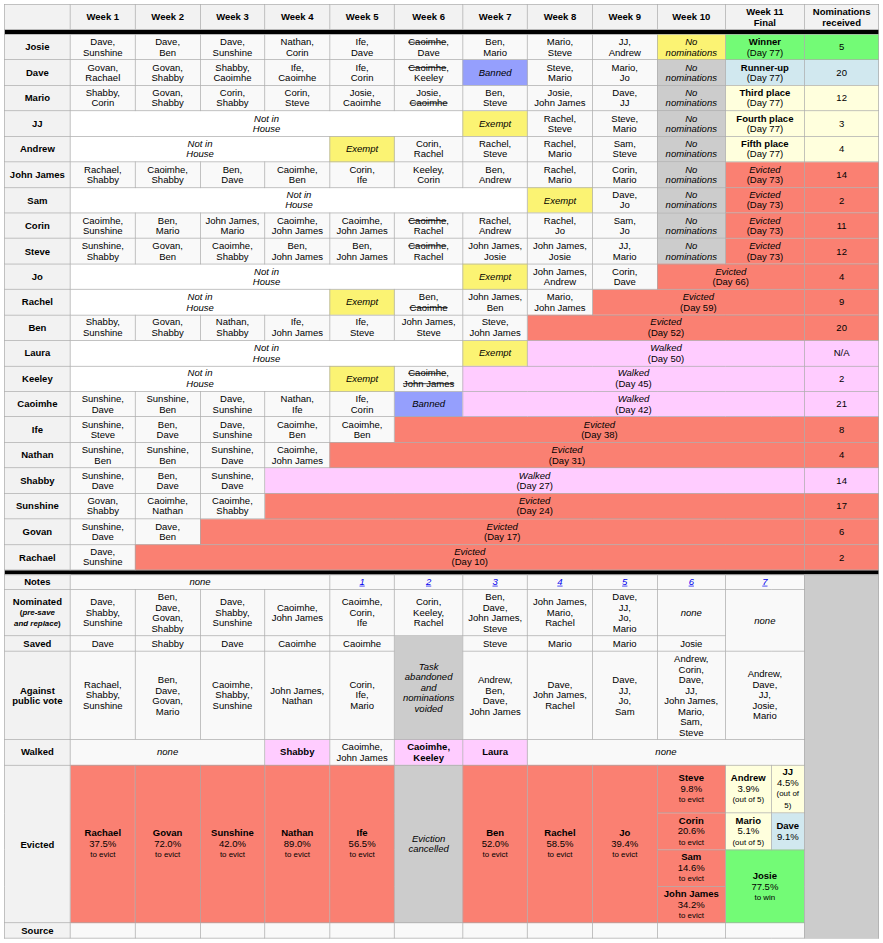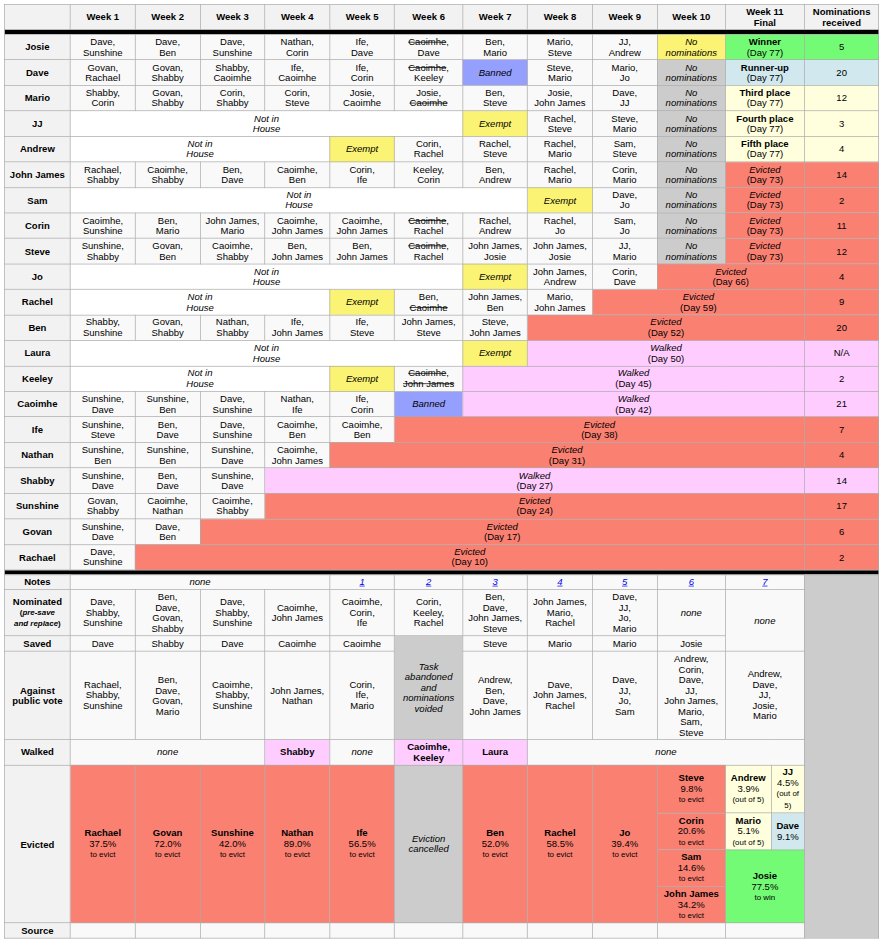 <table class="wikitable nowrap" style="text-align:center; font-size:85%; line-height:15px;">
 <tr>
 <th style="width:6%"></th>
 <th style="width:6%">Week 1</th>
 <th style="width:6%">Week 2</th>
 <th style="width:6%">Week 3</th>
 <th style="width:6%">Week 4</th>
 <th style="width:6%">Week 5</th>
 <th style="width:6%">Week 6</th>
 <th style="width:6%">Week 7</th>
 <th style="width:6%">Week 8</th>
 <th style="width:6%">Week 9</th>
 <th style="width:6%">Week 10</th>
 <th style="width:6%" colspan="2">Week 11<br>Final</th>
 <th style="width:6%">Nominations<br>received</th>
 </tr>
 <tr>
 <th style="background:#000" colspan="14"></th>
 </tr>
 <tr>
 <th>Josie</th>
 <td>Dave,<br>Sunshine</td>
 <td>Dave,<br>Ben</td>
 <td>Dave,<br>Sunshine</td>
 <td>Nathan,<br>Corin</td>
 <td>Ife,<br>Dave</td>
 <td><s>Caoimhe</s>,<br>Dave</td>
 <td>Ben,<br>Mario</td>
 <td>Mario,<br>Steve</td>
 <td>JJ,<br>Andrew</td>
 <td style="background:#FBF373"><em>No<br>nominations</em></td>
 <td style="background:#73FB76" colspan="2"><strong>Winner</strong><br>(Day 77)</td>
 <td style="background:#73FB76">5</td>
 </tr>
 <tr>
 <th>Dave</th>
 <td>Govan,<br>Rachael</td>
 <td>Govan,<br>Shabby</td>
 <td>Shabby,<br>Caoimhe</td>
 <td>Ife,<br>Caoimhe</td>
 <td>Ife,<br>Corin</td>
 <td><s>Caoimhe</s>,<br>Keeley</td>
 <td style="background:#959FFD"><em>Banned</em></td>
 <td>Steve,<br>Mario</td>
 <td>Mario,<br>Jo</td>
 <td style="background:#ccc"><em>No<br>nominations</em></td>
 <td style="background:#D1E8EF" colspan="2"><strong>Runner-up</strong><br>(Day 77)</td>
 <td style="background:#D1E8EF">20</td>
 </tr>
 <tr>
 <th>Mario</th>
 <td>Shabby,<br>Corin</td>
 <td>Govan,<br>Shabby</td>
 <td>Corin,<br>Shabby</td>
 <td>Corin,<br>Steve</td>
 <td>Josie,<br>Caoimhe</td>
 <td>Josie,<br><s>Caoimhe</s></td>
 <td>Ben,<br>Steve</td>
 <td>Josie,<br>John James</td>
 <td>Dave,<br>JJ</td>
 <td style="background:#ccc"><em>No<br>nominations</em></td>
 <td style="background:#ffffdd" colspan="2"><strong>Third place</strong><br>(Day 77)</td>
 <td style="background:#ffffdd">12</td>
 </tr>
 <tr>
 <th>JJ</th>
 <td style="background:#fff" colspan="6"><em>Not in<br>House</em></td>
 <td style="background:#FBF373"><em>Exempt</em></td>
 <td>Rachel,<br>Steve</td>
 <td>Steve,<br>Mario</td>
 <td style="background:#ccc"><em>No<br>nominations</em></td>
 <td style="background:#ffffdd" colspan="2"><strong>Fourth place</strong><br>(Day 77)</td>
 <td style="background:#ffffdd">3</td>
 </tr>
 <tr>
 <th>Andrew</th>
 <td style="background:#fff" colspan="4"><em>Not in<br>House</em></td>
 <td style="background:#FBF373"><em>Exempt</em></td>
 <td>Corin,<br>Rachel</td>
 <td>Rachel,<br>Steve</td>
 <td>Rachel,<br>Mario</td>
 <td>Sam,<br>Steve</td>
 <td style="background:#ccc"><em>No<br>nominations</em></td>
 <td style="background:#ffffdd" colspan="2"><strong>Fifth place</strong><br>(Day 77)</td>
 <td style="background:#ffffdd">4</td>
 </tr>
 <tr>
 <th>John James</th>
 <td>Rachael,<br>Shabby</td>
 <td>Caoimhe,<br>Shabby</td>
 <td>Ben,<br>Dave</td>
 <td>Caoimhe,<br>Ben</td>
 <td>Corin,<br>Ife</td>
 <td>Keeley,<br>Corin</td>
 <td>Ben,<br>Andrew</td>
 <td>Rachel,<br>Mario</td>
 <td>Corin,<br>Mario</td>
 <td style="background:#ccc"><em>No<br>nominations</em></td>
 <td style="background:#FA8072" colspan="2"><em>Evicted</em><br>(Day 73)</td>
 <td style="background:#FA8072">14</td>
 </tr>
 <tr>
 <th>Sam</th>
 <td style="background:#fff" colspan="7"><em>Not in<br>House</em></td>
 <td style="background:#FBF373"><em>Exempt</em></td>
 <td>Dave,<br>Jo</td>
 <td style="background:#ccc"><em>No<br>nominations</em></td>
 <td style="background:#FA8072" colspan="2"><em>Evicted</em><br>(Day 73)</td>
 <td style="background:#FA8072">2</td>
 </tr>
 <tr>
 <th>Corin</th>
 <td>Caoimhe,<br>Sunshine</td>
 <td>Ben,<br>Mario</td>
 <td>John James,<br>Mario</td>
 <td>Caoimhe,<br>John James</td>
 <td>Caoimhe,<br>John James</td>
 <td><s>Caoimhe</s>,<br>Rachel</td>
 <td>Rachel,<br>Andrew</td>
 <td>Rachel,<br>Jo</td>
 <td>Sam,<br>Jo</td>
 <td style="background:#ccc"><em>No<br>nominations</em></td>
 <td style="background:#FA8072" colspan="2"><em>Evicted</em><br>(Day 73)</td>
 <td style="background:#FA8072">11</td>
 </tr>
 <tr>
 <th>Steve</th>
 <td>Sunshine,<br>Shabby</td>
 <td>Govan,<br>Ben</td>
 <td>Caoimhe,<br>Shabby</td>
 <td>Ben,<br>John James</td>
 <td>Ben,<br>John James</td>
 <td><s>Caoimhe</s>,<br>Rachel</td>
 <td>John James,<br>Josie</td>
 <td>John James,<br>Josie</td>
 <td>JJ,<br>Mario</td>
 <td style="background:#ccc"><em>No<br>nominations</em></td>
 <td style="background:#FA8072"  colspan="2"><em>Evicted</em><br>(Day 73)</td>
 <td style="background:#FA8072">12</td>
 </tr>
 <tr>
 <th>Jo</th>
 <td style="background:#fff" colspan="6"><em>Not in<br>House</em></td>
 <td style="background:#FBF373"><em>Exempt</em></td>
 <td>John James,<br>Andrew</td>
 <td>Corin,<br>Dave</td>
 <td style="background:#FA8072" colspan="3"><em>Evicted</em><br>(Day 66)</td>
 <td style="background:#FA8072">4</td>
 </tr>
 <tr>
 <th>Rachel</th>
 <td style="background:#fff" colspan="4"><em>Not in<br>House</em></td>
 <td style="background:#FBF373"><em>Exempt</em></td>
 <td>Ben,<br><s>Caoimhe</s></td>
 <td>John James,<br>Ben</td>
 <td>Mario,<br>John James</td>
 <td style="background:#FA8072" colspan="4"><em>Evicted</em><br>(Day 59)</td>
 <td style="background:#FA8072">9</td>
 </tr>
 <tr>
 <th>Ben</th>
 <td>Shabby,<br>Sunshine</td>
 <td>Govan,<br>Shabby</td>
 <td>Nathan,<br>Shabby</td>
 <td>Ife,<br>John James</td>
 <td>Ife,<br>Steve</td>
 <td>John James,<br>Steve</td>
 <td>Steve,<br>John James</td>
 <td style="background:#FA8072" colspan="5"><em>Evicted</em><br>(Day 52)</td>
 <td style="background:#FA8072">20</td>
 </tr>
 <tr>
 <th>Laura</th>
 <td style="background:#fff" colspan="6"><em>Not in<br>House</em></td>
 <td style="background:#FBF373"><em>Exempt</em></td>
 <td style="background:#fcf" colspan="5"><em>Walked</em><br>(Day 50)</td>
 <td style="background:#fcf">N/A</td>
 </tr>
 <tr>
 <th>Keeley</th>
 <td style="background:#fff" colspan="4"><em>Not in<br>House</em></td>
 <td style="background:#FBF373"><em>Exempt</em></td>
 <td><s>Caoimhe</s>,<br><s>John James</s></td>
 <td style="background:#fcf" colspan="6"><em>Walked</em><br>(Day 45)</td>
 <td style="background:#fcf">2</td>
 </tr>
 <tr>
 <th>Caoimhe</th>
 <td>Sunshine,<br>Dave</td>
 <td>Sunshine,<br>Ben</td>
 <td>Dave,<br>Sunshine</td>
 <td>Nathan,<br>Ife</td>
 <td>Ife,<br>Corin</td>
 <td style="background:#959FFD"><em>Banned</em></td>
 <td style="background:#fcf" colspan="6"><em>Walked</em><br>(Day 42)</td>
 <td style="background:#fcf">21</td>
 </tr>
 <tr>
 <th>Ife</th>
 <td>Sunshine,<br>Steve</td>
 <td>Ben,<br>Dave</td>
 <td>Dave,<br>Sunshine</td>
 <td>Caoimhe,<br>Ben</td>
 <td>Caoimhe,<br>Ben</td>
 <td style="background:#FA8072" colspan="7"><em>Evicted</em><br>(Day 38)</td>
-<td style="background:#FA8072">8</td>
+<td style="background:#FA8072">7</td>
 </tr>
 <tr>
 <th>Nathan</th>
 <td>Sunshine,<br>Ben</td>
 <td>Sunshine,<br>Ben</td>
 <td>Sunshine,<br>Dave</td>
 <td>Caoimhe,<br>John James</td>
 <td style="background:#FA8072" colspan="8"><em>Evicted</em><br>(Day 31)</td>
 <td style="background:#FA8072">4</td>
 </tr>
 <tr>
 <th>Shabby</th>
 <td>Sunshine,<br>Dave</td>
 <td>Ben,<br>Dave</td>
 <td>Sunshine,<br>Dave</td>
 <td style="background:#fcf" colspan="9"><em>Walked</em><br>(Day 27)</td>
 <td style="background:#fcf">14</td>
 </tr>
 <tr>
 <th>Sunshine</th>
 <td>Govan,<br>Shabby</td>
 <td>Caoimhe,<br>Nathan</td>
 <td>Caoimhe,<br>Shabby</td>
 <td style="background:#FA8072" colspan="9"><em>Evicted</em><br>(Day 24)</td>
 <td style="background:#FA8072">17</td>
 </tr>
 <tr>
 <th>Govan</th>
 <td>Sunshine,<br>Dave</td>
 <td>Dave,<br>Ben</td>
 <td style="background:#FA8072" colspan="10"><em>Evicted</em><br>(Day 17)</td>
 <td style="background:#FA8072">6</td>
 </tr>
 <tr>
 <th>Rachael</th>
 <td>Dave,<br>Sunshine</td>
 <td style="background:#FA8072" colspan="11"><em>Evicted</em><br>(Day 10)</td>
 <td style="background:#FA8072">2</td>
 </tr>
 <tr>
 <th style="background:#000" colspan="14"></th>
 </tr>
 <tr>
 <th>Notes</th>
 <td colspan="4"><em>none</em></td>
 <td><em><a href='#'>1</a></em></td>
 <td><em><a href='#'>2</a></em></td>
 <td><em><a href='#'>3</a></em></td>
 <td><em><a href='#'>4</a></em></td>
 <td><em><a href='#'>5</a></em></td>
 <td><em><a href='#'>6</a></em></td>
 <td colspan="2"><em><a href='#'>7</a></em></td>
 <td style="background:#ccc" rowspan="10"></td>
 </tr>
 <tr>
 <th>Nominated<br><small>(<em>pre-save<br>and replace</em>)</small></th>
 <td>Dave,<br>Shabby,<br>Sunshine</td>
 <td>Ben,<br>Dave,<br>Govan,<br>Shabby</td>
 <td>Dave,<br>Shabby,<br>Sunshine</td>
 <td>Caoimhe,<br>John James</td>
 <td>Caoimhe,<br>Corin,<br>Ife</td>
 <td>Corin,<br>Keeley,<br>Rachel</td>
 <td>Ben,<br>Dave,<br>John James,<br>Steve</td>
 <td>John James,<br>Mario,<br>Rachel</td>
 <td>Dave,<br>JJ,<br>Jo,<br>Mario</td>
 <td><em>none</em></td>
 <td rowspan="2" colspan="2"><em>none</em></td>
 </tr>
 <tr>
 <th>Saved</th>
 <td>Dave</td>
 <td>Shabby</td>
 <td>Dave</td>
 <td>Caoimhe</td>
 <td>Caoimhe</td>
 <td style="background:#ccc" rowspan="2"><em>Task<br>abandoned<br>and<br>nominations<br>voided</em></td>
 <td>Steve</td>
 <td>Mario</td>
 <td>Mario</td>
 <td>Josie</td>
 </tr>
 <tr>
 <th>Against<br>public vote</th>
 <td>Rachael,<br>Shabby,<br>Sunshine</td>
 <td>Ben,<br>Dave,<br>Govan,<br>Mario</td>
 <td>Caoimhe,<br>Shabby,<br>Sunshine</td>
 <td>John James,<br>Nathan</td>
 <td>Corin,<br>Ife,<br>Mario</td>
 <td>Andrew,<br>Ben,<br>Dave,<br>John James</td>
 <td>Dave,<br>John James,<br>Rachel</td>
 <td>Dave,<br>JJ,<br>Jo,<br>Sam</td>
 <td>Andrew,<br>Corin,<br>Dave,<br>JJ,<br>John James,<br>Mario,<br>Sam,<br>Steve</td>
 <td colspan="2">Andrew,<br>Dave,<br>JJ,<br>Josie,<br>Mario</td>
 </tr>
 <tr>
 <th>Walked</th>
 <td colspan="3"><em>none</em></td>
 <td style="background:#fcf"><strong>Shabby</strong></td>
-<td>Caoimhe,<br>John James</td>
+<td><em>none</em></td>
 <td style="background:#fcf"><strong>Caoimhe,</strong><br><strong>Keeley</strong></td>
 <td style="background:#fcf"><strong>Laura</strong></td>
 <td colspan="5"><em>none</em></td>
 </tr>
 <tr>
 <th rowspan="4">Evicted</th>
 <td style="background:#FA8072" rowspan="4"><strong>Rachael</strong><br>37.5%<br><small>to evict</small></td>
 <td style="background:#FA8072" rowspan="4"><strong>Govan</strong><br>72.0%<br><small>to evict</small></td>
 <td style="background:#FA8072" rowspan="4"><strong>Sunshine</strong><br>42.0%<br><small>to evict</small></td>
 <td style="background:#FA8072" rowspan="4"><strong>Nathan</strong><br>89.0%<br><small>to evict</small></td>
 <td style="background:#FA8072" rowspan="4"><strong>Ife</strong><br>56.5%<br><small>to evict</small></td>
 <td style="background:#ccc" rowspan="4"><em>Eviction<br>cancelled</em></td>
 <td style="background:#FA8072" rowspan="4"><strong>Ben</strong><br>52.0%<br><small>to evict</small></td>
 <td style="background:#FA8072" rowspan="4"><strong>Rachel</strong><br>58.5%<br><small>to evict</small></td>
 <td style="background:#FA8072" rowspan="4"><strong>Jo</strong><br>39.4%<br><small>to evict</small></td>
 <td style="background:#FA8072"><strong>Steve</strong><br>9.8%<br><small>to evict</small></td>
 <td style="background:#ffffdd"><strong>Andrew</strong><br>3.9%<br><small>(out of 5)</small></td>
 <td style="background:#ffffdd"><strong>JJ</strong><br>4.5%<br><small>(out of 5)</small></td>
 </tr>
 <tr>
 <td style="background:#FA8072"><strong>Corin</strong><br>20.6%<br><small>to evict</small></td>
 <td style="background:#ffffdd"><strong>Mario</strong><br>5.1%<br><small>(out of 5)</small></td>
 <td style="background:#D1E8EF"><strong>Dave</strong><br>9.1%<br><small></small></td>
 </tr>
 <tr>
 <td style="background:#FA8072"><strong>Sam</strong><br>14.6%<br><small>to evict</small></td>
 <td style="background:#73FB76" rowspan="2" colspan="2"><strong>Josie</strong><br>77.5%<br><small>to win</small></td>
 </tr>
 <tr>
 <td style="background:#FA8072"><strong>John James</strong><br>34.2%<br><small>to evict</small></td>
 </tr>
 <tr>
 <th>Source</th>
 <td></td>
 <td></td>
 <td></td>
 <td></td>
 <td></td>
 <td></td>
 <td></td>
 <td></td>
 <td></td>
 <td></td>
 <td colspan="2"></td>
 </tr>
 </table>
